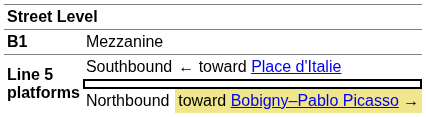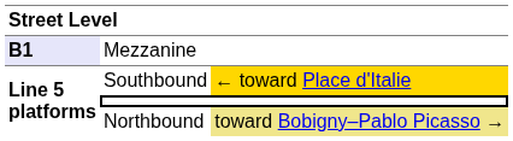 <table cellspacing="0" cellpadding="3" border="0">
 <tr>
 <td colspan="3" style="border-bottom:solid 1px gray;border-top:solid 1px gray;" width="50" valign="top"><strong>Street Level</strong></td>
 </tr>
 <tr>
-<td style="border-bottom:solid 1px gray;" width="50" valign="top"><strong>B1</strong></td>
+<td style="background: lavender; border-bottom:solid 1px gray;" width="50" valign="top"><strong>B1</strong></td>
 <td colspan="2" style="border-bottom:solid 1px gray;" width="100" valign="top">Mezzanine</td>
 </tr>
 <tr>
 <td rowspan="3"><strong>Line 5 platforms</strong></td>
 <td>Southbound</td>
-<td>←   toward <a href='#'>Place d'Italie</a> </td>
+<td style="background: gold;">←   toward <a href='#'>Place d'Italie</a> </td>
 </tr>
 <tr>
 <td colspan="2" style="border-top:solid 2px black;border-right:solid 2px black;border-left:solid 2px black;border-bottom:solid 2px black;text-align:center;"></td>
 </tr>
 <tr>
 <td>Northbound</td>
 <td style="background: khaki;">   toward <a href='#'>Bobigny–Pablo Picasso</a>  →</td>
 </tr>
 </table>
